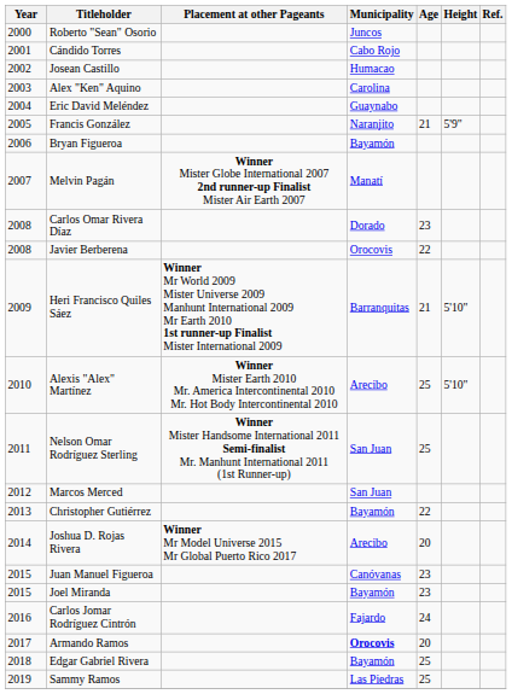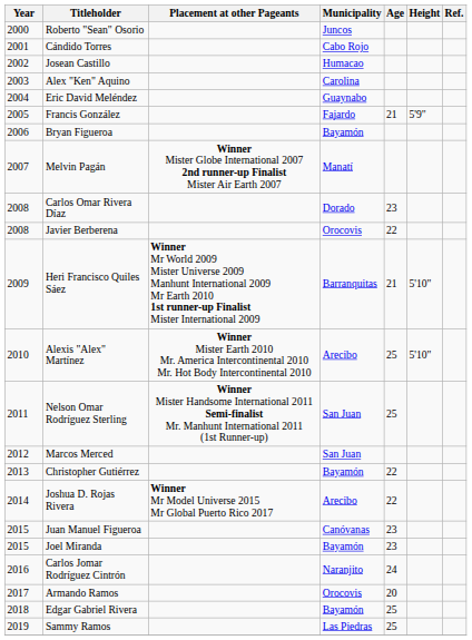 <table class="wikitable">
 <tr>
 <th width="50">Year</th>
 <th width="150">Titleholder</th>
 <th width="250">Placement at other Pageants</th>
 <th>Municipality</th>
 <th>Age</th>
 <th>Height</th>
 <th>Ref.</th>
 </tr>
 <tr>
 <td>2000</td>
 <td>Roberto "Sean" Osorio</td>
 <td></td>
 <td><a href='#'>Juncos</a></td>
 <td></td>
 <td></td>
 <td></td>
 </tr>
 <tr>
 <td>2001</td>
 <td>Cándido Torres</td>
 <td></td>
 <td><a href='#'>Cabo Rojo</a></td>
 <td></td>
 <td></td>
 <td></td>
 </tr>
 <tr>
 <td>2002</td>
 <td>Josean Castillo</td>
 <td></td>
 <td><a href='#'>Humacao</a></td>
 <td></td>
 <td></td>
 <td></td>
 </tr>
 <tr>
 <td>2003</td>
 <td>Alex "Ken" Aquino</td>
 <td></td>
 <td><a href='#'>Carolina</a></td>
 <td></td>
 <td></td>
 <td></td>
 </tr>
 <tr>
 <td>2004</td>
 <td>Eric David Meléndez</td>
 <td></td>
 <td><a href='#'>Guaynabo</a></td>
 <td></td>
 <td></td>
 <td></td>
 </tr>
 <tr>
 <td>2005</td>
 <td>Francis González</td>
 <td></td>
-<td><a href='#'>Naranjito</a></td>
+<td><a href='#'>Fajardo</a></td>
 <td>21</td>
 <td>5'9"</td>
 <td></td>
 </tr>
 <tr>
 <td>2006</td>
 <td>Bryan Figueroa</td>
 <td></td>
 <td><a href='#'>Bayamón</a></td>
 <td></td>
 <td></td>
 <td></td>
 </tr>
 <tr>
 <td>2007</td>
 <td>Melvin Pagán</td>
 <td style="text-align:center;"><strong>Winner</strong><br>Mister Globe International 2007<br><strong>2nd runner-up Finalist</strong><br>Mister Air Earth 2007</td>
 <td><a href='#'>Manatí</a></td>
 <td></td>
 <td></td>
 <td></td>
 </tr>
 <tr>
 <td>2008</td>
 <td>Carlos Omar Rivera Díaz</td>
 <td></td>
 <td><a href='#'>Dorado</a></td>
 <td>23</td>
 <td></td>
 <td></td>
 </tr>
 <tr>
 <td>2008</td>
 <td>Javier Berberena</td>
 <td></td>
 <td><a href='#'>Orocovis</a></td>
 <td>22</td>
 <td></td>
 <td></td>
 </tr>
 <tr>
 <td>2009</td>
 <td>Heri Francisco Quiles Sáez</td>
 <td><div><strong>Winner</strong><br>Mr World 2009<br>Mister Universe 2009<br>Manhunt International 2009<br>Mr Earth 2010<br><strong>1st runner-up Finalist</strong><br>Mister International 2009 </div></td>
 <td><a href='#'>Barranquitas</a></td>
 <td>21</td>
 <td>5'10"</td>
 <td></td>
 </tr>
 <tr>
 <td>2010</td>
 <td>Alexis "Alex" Martínez</td>
 <td style="text-align:center;"><strong>Winner</strong><br>Mister Earth 2010 <br> Mr. America Intercontinental 2010 <br>Mr. Hot Body Intercontinental 2010</td>
 <td><a href='#'>Arecibo</a></td>
 <td>25</td>
 <td>5'10"</td>
 <td></td>
 </tr>
 <tr>
 <td>2011</td>
 <td>Nelson Omar Rodríguez Sterling</td>
 <td style="text-align:center;"><strong>Winner</strong><br>Mister Handsome International 2011<br><strong>Semi-finalist</strong><br> Mr. Manhunt International 2011<br> (1st Runner-up)</td>
 <td><a href='#'>San Juan</a></td>
 <td>25</td>
 <td></td>
 <td></td>
 </tr>
 <tr>
 <td>2012</td>
 <td>Marcos Merced</td>
 <td></td>
 <td><a href='#'>San Juan</a></td>
 <td></td>
 <td></td>
 <td></td>
 </tr>
 <tr>
 <td>2013</td>
 <td>Christopher Gutiérrez</td>
 <td></td>
 <td><a href='#'>Bayamón</a></td>
 <td>22</td>
 <td></td>
 <td></td>
 </tr>
 <tr>
 <td>2014</td>
 <td>Joshua D. Rojas Rivera</td>
 <td><div><strong>Winner</strong><br>Mr Model Universe 2015<br>Mr Global Puerto Rico 2017 </div></td>
 <td><a href='#'>Arecibo</a></td>
-<td>20</td>
+<td>22</td>
 <td></td>
 <td></td>
 </tr>
 <tr>
 <td>2015</td>
 <td>Juan Manuel Figueroa</td>
 <td></td>
 <td><a href='#'>Canóvanas</a></td>
 <td>23</td>
 <td></td>
 <td></td>
 </tr>
 <tr>
 <td>2015</td>
 <td>Joel Miranda</td>
 <td></td>
 <td><a href='#'>Bayamón</a></td>
 <td>23</td>
 <td></td>
 <td></td>
 </tr>
 <tr>
 <td>2016</td>
 <td>Carlos Jomar Rodríguez Cintrón</td>
 <td></td>
-<td><a href='#'>Fajardo</a></td>
+<td><a href='#'>Naranjito</a></td>
 <td>24</td>
 <td></td>
 <td></td>
 </tr>
 <tr>
 <td>2017</td>
 <td>Armando Ramos</td>
 <td></td>
-<td><strong><a href='#'>Orocovis</a></strong></td>
+<td><a href='#'>Orocovis</a></td>
 <td>20</td>
 <td></td>
 <td></td>
 </tr>
 <tr>
 <td>2018</td>
 <td>Edgar Gabriel Rivera</td>
 <td></td>
 <td><a href='#'>Bayamón</a></td>
 <td>25</td>
 <td></td>
 <td></td>
 </tr>
 <tr>
 <td>2019</td>
 <td>Sammy Ramos</td>
 <td></td>
 <td><a href='#'>Las Piedras</a></td>
 <td>25</td>
 <td></td>
 <td></td>
 </tr>
 <tr>
 </tr>
 </table>
